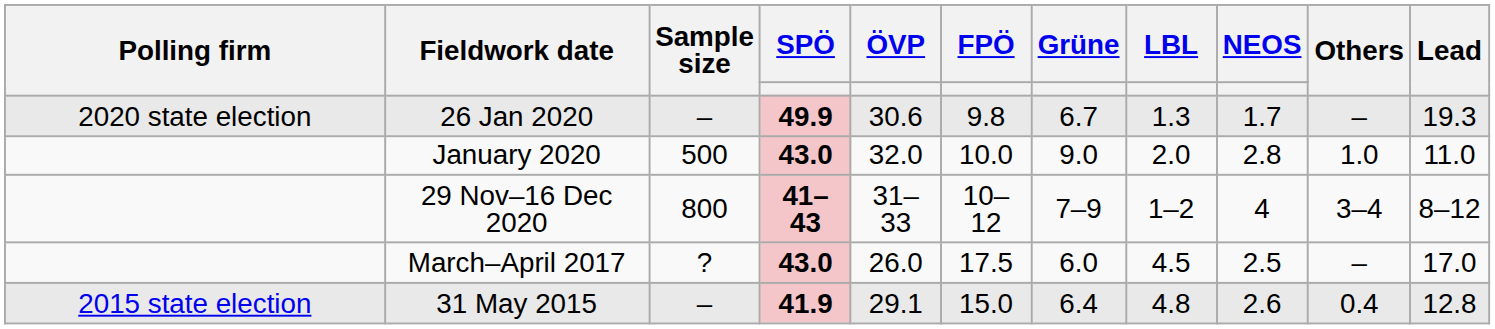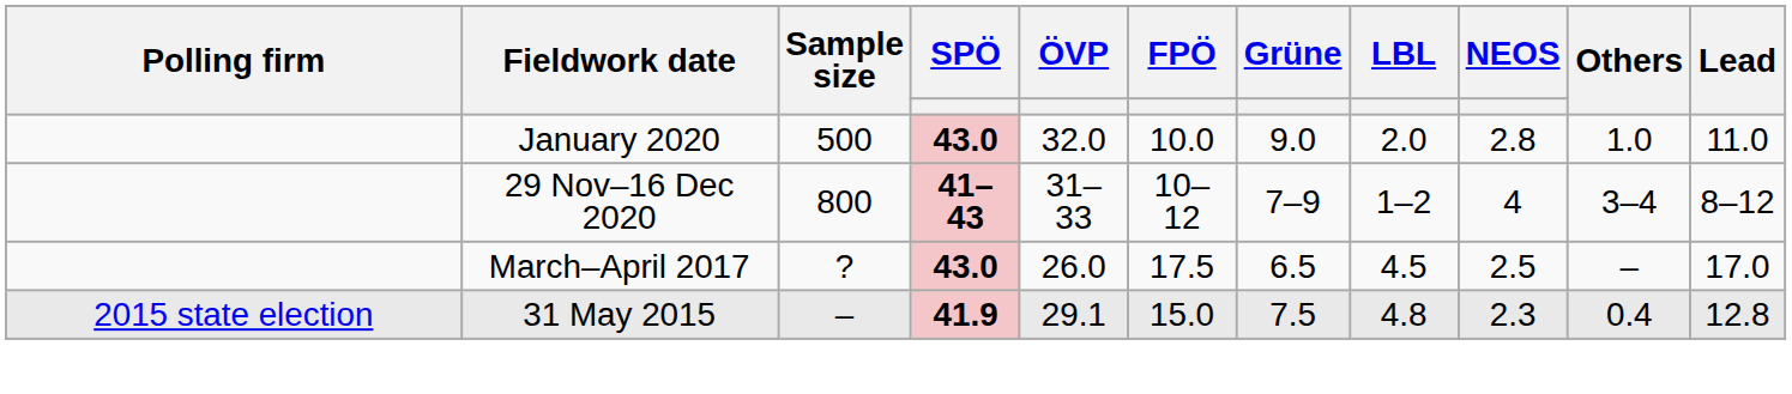 <table class="wikitable sortable" style="text-align:center;font-size:90%;line-height:14px;">
 <tr style="height:40px;">
 <th style="width:190px;" rowspan="2">Polling firm</th>
 <th style="width:130px;" rowspan="2">Fieldwork date</th>
 <th style="width:35px;" rowspan="2">Sample<br>size</th>
 <th class="unsortable" style="width:40px;"><a href='#'>SPÖ</a></th>
 <th class="unsortable" style="width:40px;"><a href='#'>ÖVP</a></th>
 <th class="unsortable" style="width:40px;"><a href='#'>FPÖ</a></th>
 <th class="unsortable" style="width:40px;"><a href='#'>Grüne</a></th>
 <th class="unsortable" style="width:40px;"><a href='#'>LBL</a></th>
 <th class="unsortable" style="width:40px;"><a href='#'>NEOS</a></th>
 <th class="unsortable" style="width:40px;" rowspan="2">Others</th>
 <th style="width:30px;" rowspan="2">Lead</th>
 </tr>
 <tr>
 <th style="background:"></th>
 <th style="background:"></th>
 <th style="background:"></th>
 <th style="background:"></th>
 <th style="background:"></th>
 <th style="background:"></th>
-</tr>
-<tr style="background:#E9E9E9;">
-<td>2020 state election</td>
-<td data-sort-value="2020-01-26">26 Jan 2020</td>
-<td>–</td>
-<td style="background:#F4C6C9;"><strong>49.9</strong></td>
-<td>30.6</td>
-<td>9.8</td>
-<td>6.7</td>
-<td>1.3</td>
-<td>1.7</td>
-<td>–</td>
-<td style="background:">19.3</td>
 </tr>
 <tr>
 <td></td>
 <td data-sort-value="2020-01-17">January 2020</td>
 <td>500</td>
 <td style="background:#F4C6C9;"><strong>43.0</strong></td>
 <td>32.0</td>
 <td>10.0</td>
 <td>9.0</td>
 <td>2.0</td>
 <td>2.8</td>
 <td>1.0</td>
 <td style="background:">11.0</td>
 </tr>
 <tr>
 <td></td>
 <td data-sort-value="2020-01-01">29 Nov–16 Dec 2020</td>
 <td>800</td>
 <td style="background:#F4C6C9;"><strong>41–43</strong></td>
 <td>31–33</td>
 <td>10–12</td>
 <td>7–9</td>
 <td>1–2</td>
 <td>4</td>
 <td>3–4</td>
 <td style="background:">8–12</td>
 </tr>
 <tr>
 <td></td>
 <td data-sort-value="2017-04-05">March–April 2017</td>
 <td>?</td>
 <td style="background:#F4C6C9;"><strong>43.0</strong></td>
 <td>26.0</td>
 <td>17.5</td>
-<td>6.0</td>
+<td>6.5</td>
 <td>4.5</td>
 <td>2.5</td>
 <td>–</td>
 <td style="background:">17.0</td>
 </tr>
 <tr style="background:#E9E9E9;">
 <td><a href='#'>2015 state election</a></td>
 <td data-sort-value="2015-05-31">31 May 2015</td>
 <td>–</td>
 <td style="background:#F4C6C9;"><strong>41.9</strong></td>
 <td>29.1</td>
 <td>15.0</td>
-<td>6.4</td>
+<td>7.5</td>
 <td>4.8</td>
-<td>2.6</td>
+<td>2.3</td>
 <td>0.4</td>
 <td style="background:">12.8</td>
 </tr>
 </table>
